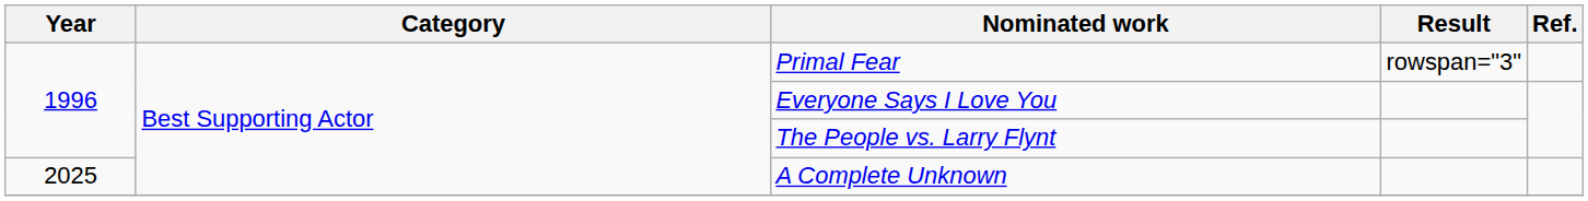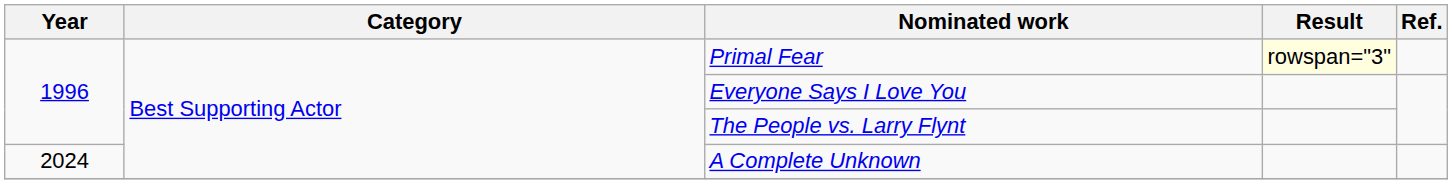 <table class=wikitable>
 <tr>
 <th scope="col" style="width:5em;">Year</th>
 <th scope="col" style="width:26em;">Category</th>
 <th scope="col" style="width:25em;">Nominated work</th>
 <th scope="col" style="width:5em;">Result</th>
 <th>Ref.</th>
 </tr>
 <tr>
 <td style="text-align:center;", rowspan="3"><a href='#'>1996</a></td>
 <td rowspan="4"><a href='#'>Best Supporting Actor</a></td>
 <td><em><a href='#'>Primal Fear</a></em></td>
-<td>rowspan="3" </td>
+<td style="background: lightyellow;">rowspan="3" </td>
 <td></td>
 </tr>
 <tr>
 <td><em><a href='#'>Everyone Says I Love You</a></em></td>
 <td></td>
 </tr>
 <tr>
 <td><em><a href='#'>The People vs. Larry Flynt</a></em></td>
 <td></td>
 </tr>
 <tr>
-<td style="text-align:center;">2025</td>
+<td style="text-align:center;">2024</td>
 <td><em><a href='#'>A Complete Unknown</a></em></td>
 <td></td>
 <td></td>
 </tr>
 <tr>
 </tr>
 </table>
